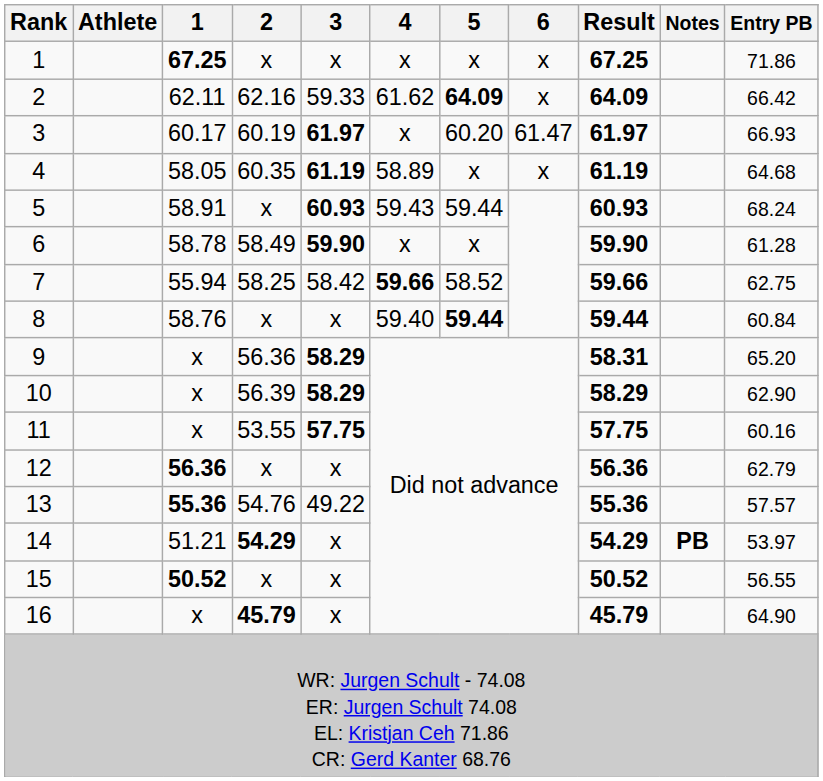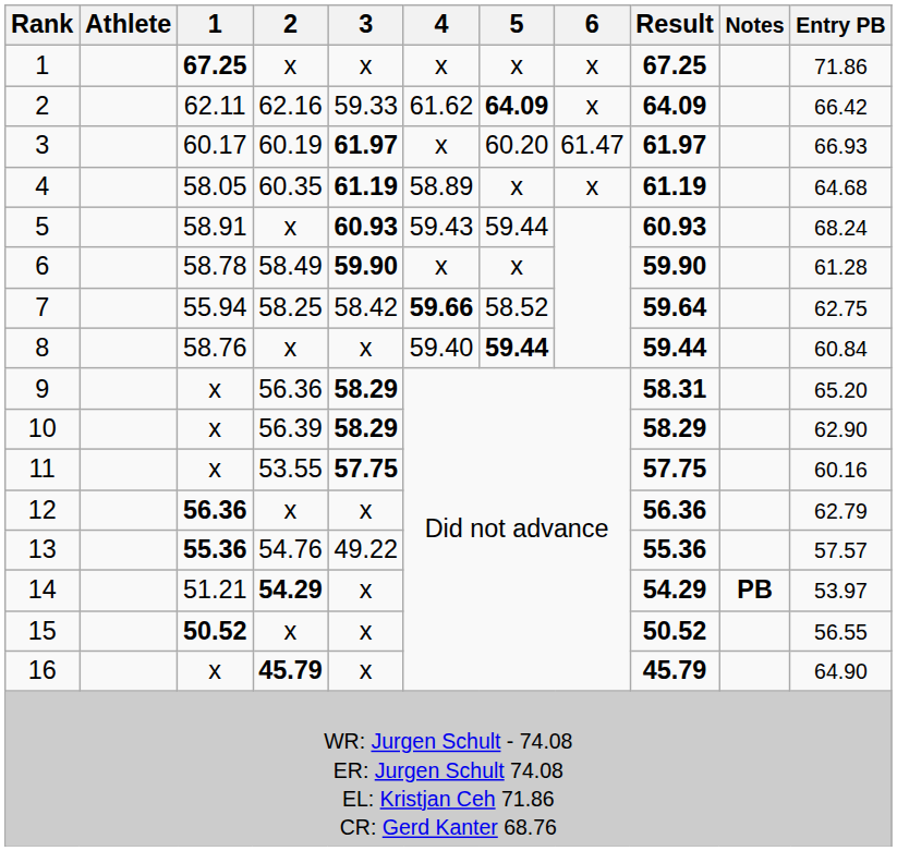 <table class="wikitable sortable" style="text-align:center;">
 <tr>
 <th>Rank</th>
 <th>Athlete</th>
 <th>1</th>
 <th>2</th>
 <th>3</th>
 <th>4</th>
 <th>5</th>
 <th>6</th>
 <th>Result</th>
 <th><small>Notes</small></th>
 <th><small>Entry PB</small></th>
 </tr>
 <tr>
 <td>1</td>
 <td align=left></td>
 <td><strong>67.25</strong></td>
 <td>x</td>
 <td>x</td>
 <td>x</td>
 <td>x</td>
 <td>x</td>
 <td><strong>67.25</strong></td>
 <td></td>
 <td><small>71.86</small></td>
 </tr>
 <tr>
 <td>2</td>
 <td align=left></td>
 <td>62.11</td>
 <td>62.16</td>
 <td>59.33</td>
 <td>61.62</td>
 <td><strong>64.09</strong></td>
 <td>x</td>
 <td><strong>64.09</strong></td>
 <td></td>
 <td><small>66.42</small></td>
 </tr>
 <tr>
 <td>3</td>
 <td align=left></td>
 <td>60.17</td>
 <td>60.19</td>
 <td><strong>61.97</strong></td>
 <td>x</td>
 <td>60.20</td>
 <td>61.47</td>
 <td><strong>61.97</strong></td>
 <td></td>
 <td><small>66.93</small></td>
 </tr>
 <tr>
 <td>4</td>
 <td align=left></td>
 <td>58.05</td>
 <td>60.35</td>
 <td><strong>61.19</strong></td>
 <td>58.89</td>
 <td>x</td>
 <td>x</td>
 <td><strong>61.19</strong></td>
 <td></td>
 <td><small>64.68</small></td>
 </tr>
 <tr>
 <td>5</td>
 <td align=left></td>
 <td>58.91</td>
 <td>x</td>
 <td><strong>60.93</strong></td>
 <td>59.43</td>
 <td>59.44</td>
 <td rowspan=4></td>
 <td><strong>60.93</strong></td>
 <td></td>
 <td><small>68.24</small></td>
 </tr>
 <tr>
 <td>6</td>
 <td align=left></td>
 <td>58.78</td>
 <td>58.49</td>
 <td><strong>59.90</strong></td>
 <td>x</td>
 <td>x</td>
 <td><strong>59.90</strong></td>
 <td></td>
 <td><small>61.28</small></td>
 </tr>
 <tr>
 <td>7</td>
 <td align=left></td>
 <td>55.94</td>
 <td>58.25</td>
 <td>58.42</td>
 <td><strong>59.66</strong></td>
 <td>58.52</td>
-<td><strong>59.66</strong></td>
+<td><strong>59.64</strong></td>
 <td></td>
 <td><small>62.75</small></td>
 </tr>
 <tr>
 <td>8</td>
 <td align=left></td>
 <td>58.76</td>
 <td>x</td>
 <td>x</td>
 <td>59.40</td>
 <td><strong>59.44</strong></td>
 <td><strong>59.44</strong></td>
 <td></td>
 <td><small>60.84</small></td>
 </tr>
 <tr>
 <td>9</td>
 <td align=left></td>
 <td>x</td>
 <td>56.36</td>
 <td><strong>58.29</strong></td>
 <td rowspan=8 colspan=3>Did not advance</td>
 <td><strong>58.31</strong></td>
 <td></td>
 <td><small>65.20</small></td>
 </tr>
 <tr>
 <td>10</td>
 <td align=left></td>
 <td>x</td>
 <td>56.39</td>
 <td><strong>58.29</strong></td>
 <td><strong>58.29</strong></td>
 <td></td>
 <td><small>62.90</small></td>
 </tr>
 <tr>
 <td>11</td>
 <td align=left></td>
 <td>x</td>
 <td>53.55</td>
 <td><strong>57.75</strong></td>
 <td><strong>57.75</strong></td>
 <td></td>
 <td><small>60.16</small></td>
 </tr>
 <tr>
 <td>12</td>
 <td align=left></td>
 <td><strong>56.36</strong></td>
 <td>x</td>
 <td>x</td>
 <td><strong>56.36</strong></td>
 <td></td>
 <td><small>62.79</small></td>
 </tr>
 <tr>
 <td>13</td>
 <td align=left></td>
 <td><strong>55.36</strong></td>
 <td>54.76</td>
 <td>49.22</td>
 <td><strong>55.36</strong></td>
 <td></td>
 <td><small>57.57</small></td>
 </tr>
 <tr>
 <td>14</td>
 <td align=left></td>
 <td>51.21</td>
 <td><strong>54.29</strong></td>
 <td>x</td>
 <td><strong>54.29</strong></td>
 <td><strong>PB</strong></td>
 <td><small>53.97</small></td>
 </tr>
 <tr>
 <td>15</td>
 <td align=left></td>
 <td><strong>50.52</strong></td>
 <td>x</td>
 <td>x</td>
 <td><strong>50.52</strong></td>
 <td></td>
 <td><small>56.55</small></td>
 </tr>
 <tr>
 <td>16</td>
 <td align=left></td>
 <td>x</td>
 <td><strong>45.79</strong></td>
 <td>x</td>
 <td><strong>45.79</strong></td>
 <td></td>
 <td><small>64.90</small></td>
 </tr>
 <tr class="sortbottom">
 <td colspan="11" bgcolor="#cccccc"><br> <small>WR:   <a href='#'>Jurgen Schult</a> - 74.08<br>ER:  <a href='#'>Jurgen Schult</a> 74.08<br></small> <small>EL:   <a href='#'>Kristjan Ceh</a> 71.86<br>CR:  <a href='#'>Gerd Kanter</a> 68.76</small></td>
 </tr>
 </table>
